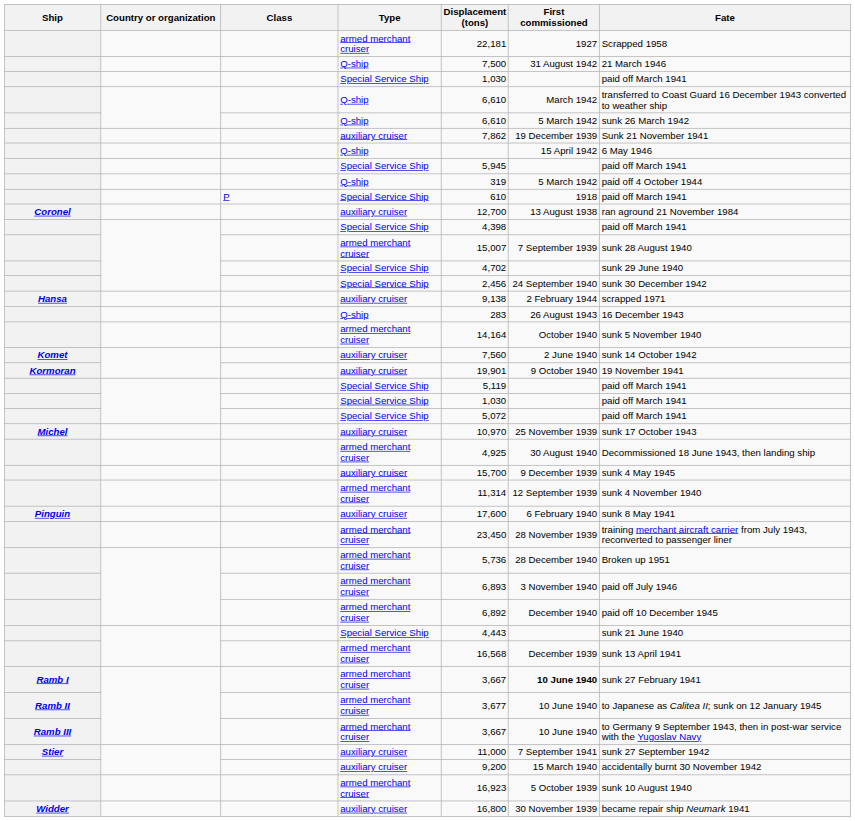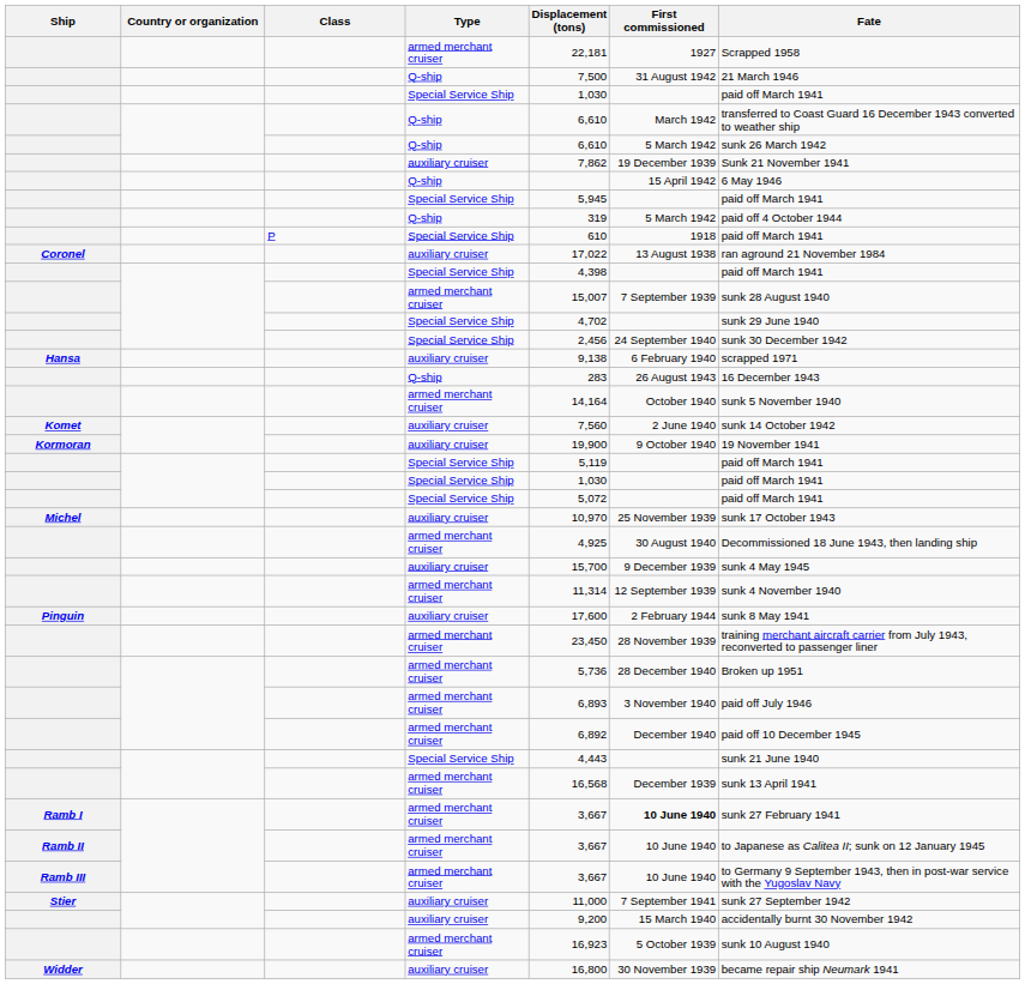 <table class="wikitable sortable plainrowheaders" style="width:100%; font-size: 90%">
 <tr>
 <th scope="col" style="width:12%;">Ship</th>
 <th scope="col" style="width:15%;">Country or organization</th>
 <th scope="col" style="width:15%;">Class</th>
 <th scope="col" style="width:13%;">Type</th>
 <th scope="col" style="width:2%;">Displacement (tons)</th>
 <th scope="col" style="width:11%;">First commissioned</th>
 <th scope="col" style="width:32%;">Fate</th>
 </tr>
 <tr>
 <th scope="row"></th>
 <td></td>
 <td></td>
 <td><a href='#'>armed merchant cruiser</a></td>
 <td style="text-align:right;">22,181</td>
 <td style="text-align:right;">1927</td>
 <td>Scrapped 1958</td>
 </tr>
 <tr>
 <th scope="row"></th>
 <td></td>
 <td></td>
 <td><a href='#'>Q-ship</a></td>
 <td style="text-align:right;">7,500</td>
 <td style="text-align:right;">31 August 1942</td>
 <td>21 March 1946</td>
 </tr>
 <tr>
 <th scope="row"></th>
 <td></td>
 <td></td>
 <td><a href='#'>Special Service Ship</a></td>
 <td style="text-align:right;">1,030</td>
 <td style="text-align:right;"></td>
 <td>paid off March 1941</td>
 </tr>
 <tr>
 <th scope="row"></th>
 <td rowspan="2"></td>
 <td></td>
 <td><a href='#'>Q-ship</a></td>
 <td style="text-align:right;">6,610</td>
 <td style="text-align:right;">March 1942</td>
 <td>transferred to Coast Guard 16 December 1943 converted to weather ship</td>
 </tr>
 <tr>
 <th scope="row"></th>
 <td></td>
 <td><a href='#'>Q-ship</a></td>
 <td style="text-align:right;">6,610</td>
 <td style="text-align:right;">5 March 1942</td>
 <td>sunk 26 March 1942</td>
 </tr>
 <tr>
 <th scope="row"></th>
 <td></td>
 <td></td>
 <td><a href='#'>auxiliary cruiser</a></td>
 <td style="text-align:right;">7,862</td>
 <td style="text-align:right;">19 December 1939</td>
 <td>Sunk 21 November 1941</td>
 </tr>
 <tr>
 <th scope="row"></th>
 <td></td>
 <td></td>
 <td><a href='#'>Q-ship</a></td>
 <td style="text-align:right;"></td>
 <td style="text-align:right;">15 April 1942</td>
 <td>6 May 1946</td>
 </tr>
 <tr>
 <th scope="row"></th>
 <td></td>
 <td></td>
 <td><a href='#'>Special Service Ship</a></td>
 <td style="text-align:right;">5,945</td>
 <td style="text-align:right;"></td>
 <td>paid off March 1941</td>
 </tr>
 <tr>
 <th scope="row"></th>
 <td></td>
 <td></td>
 <td><a href='#'>Q-ship</a></td>
 <td style="text-align:right;">319</td>
 <td style="text-align:right;">5 March 1942</td>
 <td>paid off 4 October 1944</td>
 </tr>
 <tr>
 <th scope="row"></th>
 <td></td>
 <td><a href='#'>P</a></td>
 <td><a href='#'>Special Service Ship</a></td>
 <td style="text-align:right;">610</td>
 <td style="text-align:right;">1918</td>
 <td>paid off March 1941</td>
 </tr>
 <tr>
 <th scope="row"><em><a href='#'>Coronel</a></em></th>
 <td></td>
 <td></td>
 <td><a href='#'>auxiliary cruiser</a></td>
-<td style="text-align:right;">12,700</td>
+<td style="text-align:right;">17,022</td>
 <td style="text-align:right;">13 August 1938</td>
 <td>ran aground 21 November 1984</td>
 </tr>
 <tr>
 <th scope="row"></th>
 <td rowspan="4"></td>
 <td></td>
 <td><a href='#'>Special Service Ship</a></td>
 <td style="text-align:right;">4,398</td>
 <td style="text-align:right;"></td>
 <td>paid off March 1941</td>
 </tr>
 <tr>
 <th scope="row"></th>
 <td></td>
 <td><a href='#'>armed merchant cruiser</a></td>
 <td style="text-align:right;">15,007</td>
 <td style="text-align:right;">7 September 1939</td>
 <td>sunk 28 August 1940</td>
 </tr>
 <tr>
 <th scope="row"></th>
 <td></td>
 <td><a href='#'>Special Service Ship</a></td>
 <td style="text-align:right;">4,702</td>
 <td style="text-align:right;"></td>
 <td>sunk 29 June 1940</td>
 </tr>
 <tr>
 <th scope="row"></th>
 <td></td>
 <td><a href='#'>Special Service Ship</a></td>
 <td style="text-align:right;">2,456</td>
 <td style="text-align:right;">24 September 1940</td>
 <td>sunk 30 December 1942</td>
 </tr>
 <tr>
 <th scope="row"><a href='#'><em>Hansa</em></a></th>
 <td></td>
 <td></td>
 <td><a href='#'>auxiliary cruiser</a></td>
 <td style="text-align:right;">9,138</td>
-<td style="text-align:right;">2 February 1944</td>
+<td style="text-align:right;">6 February 1940</td>
 <td>scrapped 1971</td>
 </tr>
 <tr>
 <th scope="row"></th>
 <td></td>
 <td></td>
 <td><a href='#'>Q-ship</a></td>
 <td style="text-align:right;">283</td>
 <td style="text-align:right;">26 August 1943</td>
 <td>16 December 1943</td>
 </tr>
 <tr>
 <th scope="row"></th>
 <td></td>
 <td></td>
 <td><a href='#'>armed merchant cruiser</a></td>
 <td style="text-align:right;">14,164</td>
 <td style="text-align:right;">October 1940</td>
 <td>sunk 5 November 1940</td>
 </tr>
 <tr>
 <th scope="row"><a href='#'><em>Komet</em></a></th>
 <td rowspan="2"></td>
 <td></td>
 <td><a href='#'>auxiliary cruiser</a></td>
 <td style="text-align:right;">7,560</td>
 <td style="text-align:right;">2 June 1940</td>
 <td>sunk 14 October 1942</td>
 </tr>
 <tr>
 <th scope="row"><em><a href='#'>Kormoran</a></em></th>
 <td></td>
 <td><a href='#'>auxiliary cruiser</a></td>
-<td style="text-align:right;">19,901</td>
+<td style="text-align:right;">19,900</td>
 <td style="text-align:right;">9 October 1940</td>
 <td>19 November 1941</td>
 </tr>
 <tr>
 <th scope="row"></th>
 <td rowspan="3"></td>
 <td></td>
 <td><a href='#'>Special Service Ship</a></td>
 <td style="text-align:right;">5,119</td>
 <td style="text-align:right;"></td>
 <td>paid off March 1941</td>
 </tr>
 <tr>
 <th scope="row"></th>
 <td></td>
 <td><a href='#'>Special Service Ship</a></td>
 <td style="text-align:right;">1,030</td>
 <td style="text-align:right;"></td>
 <td>paid off March 1941</td>
 </tr>
 <tr>
 <th scope="row"></th>
 <td></td>
 <td><a href='#'>Special Service Ship</a></td>
 <td style="text-align:right;">5,072</td>
 <td style="text-align:right;"></td>
 <td>paid off March 1941</td>
 </tr>
 <tr>
 <th scope="row"><em><a href='#'>Michel</a></em></th>
 <td></td>
 <td></td>
 <td><a href='#'>auxiliary cruiser</a></td>
 <td style="text-align:right;">10,970</td>
 <td style="text-align:right;">25 November 1939</td>
 <td>sunk 17 October 1943</td>
 </tr>
 <tr>
 <th scope="row"></th>
 <td></td>
 <td></td>
 <td><a href='#'>armed merchant cruiser</a></td>
 <td style="text-align:right;">4,925</td>
 <td style="text-align:right;">30 August 1940</td>
 <td>Decommissioned 18 June 1943, then landing ship</td>
 </tr>
 <tr>
 <th scope="row"></th>
 <td></td>
 <td></td>
 <td><a href='#'>auxiliary cruiser</a></td>
 <td style="text-align:right;">15,700</td>
 <td style="text-align:right;">9 December 1939</td>
 <td>sunk 4 May 1945</td>
 </tr>
 <tr>
 <th scope="row"></th>
 <td></td>
 <td></td>
 <td><a href='#'>armed merchant cruiser</a></td>
 <td style="text-align:right;">11,314</td>
 <td style="text-align:right;">12 September 1939</td>
 <td>sunk 4 November 1940</td>
 </tr>
 <tr>
 <th scope="row"><a href='#'><em>Pinguin</em></a></th>
 <td></td>
 <td></td>
 <td><a href='#'>auxiliary cruiser</a></td>
 <td style="text-align:right;">17,600</td>
-<td style="text-align:right;">6 February 1940</td>
+<td style="text-align:right;">2 February 1944</td>
 <td>sunk 8 May 1941</td>
 </tr>
 <tr>
 <th scope="row"></th>
 <td></td>
 <td></td>
 <td><a href='#'>armed merchant cruiser</a></td>
 <td style="text-align:right;">23,450</td>
 <td style="text-align:right;">28 November 1939</td>
 <td>training <a href='#'>merchant aircraft carrier</a> from July 1943, reconverted to passenger liner</td>
 </tr>
 <tr>
 <th scope="row"></th>
 <td rowspan="3"></td>
 <td></td>
 <td><a href='#'>armed merchant cruiser</a></td>
 <td style="text-align:right;">5,736</td>
 <td style="text-align:right;">28 December 1940</td>
 <td>Broken up 1951</td>
 </tr>
 <tr>
 <th scope="row"></th>
 <td></td>
 <td><a href='#'>armed merchant cruiser</a></td>
 <td style="text-align:right;">6,893</td>
 <td style="text-align:right;">3 November 1940</td>
 <td>paid off July 1946</td>
 </tr>
 <tr>
 <th scope="row"></th>
 <td></td>
 <td><a href='#'>armed merchant cruiser</a></td>
 <td style="text-align:right;">6,892</td>
 <td style="text-align:right;">December 1940</td>
 <td>paid off 10 December 1945</td>
 </tr>
 <tr>
 <th scope="row"></th>
 <td rowspan="2"></td>
 <td></td>
 <td><a href='#'>Special Service Ship</a></td>
 <td style="text-align:right;">4,443</td>
 <td style="text-align:right;"></td>
 <td>sunk 21 June 1940</td>
 </tr>
 <tr>
 <th scope="row"></th>
 <td></td>
 <td><a href='#'>armed merchant cruiser</a></td>
 <td style="text-align:right;">16,568</td>
 <td style="text-align:right;">December 1939</td>
 <td>sunk 13 April 1941</td>
 </tr>
 <tr>
 <th scope="row"><em><a href='#'>Ramb I</a></em></th>
 <td rowspan="3"></td>
 <td></td>
 <td><a href='#'>armed merchant cruiser</a></td>
 <td style="text-align:right;">3,667</td>
 <td style="text-align:right;"><strong>10 June 1940</strong></td>
 <td>sunk 27 February 1941</td>
 </tr>
 <tr>
 <th scope="row"><em><a href='#'>Ramb II</a></em></th>
 <td></td>
 <td><a href='#'>armed merchant cruiser</a></td>
-<td style="text-align:right;">3,677</td>
+<td style="text-align:right;">3,667</td>
 <td style="text-align:right;">10 June 1940</td>
 <td>to Japanese as <em>Calitea II</em>; sunk on 12 January 1945</td>
 </tr>
 <tr>
 <th scope="row"><em><a href='#'>Ramb III</a></em></th>
 <td></td>
 <td><a href='#'>armed merchant cruiser</a></td>
 <td style="text-align:right;">3,667</td>
 <td style="text-align:right;">10 June 1940</td>
 <td>to Germany 9 September 1943, then in post-war service with the <a href='#'>Yugoslav Navy</a></td>
 </tr>
 <tr>
 <th scope="row"><a href='#'><em>Stier</em></a></th>
 <td rowspan="2"></td>
 <td></td>
 <td><a href='#'>auxiliary cruiser</a></td>
 <td style="text-align:right;">11,000</td>
 <td style="text-align:right;">7 September 1941</td>
 <td>sunk 27 September 1942</td>
 </tr>
 <tr>
 <th scope="row"></th>
 <td></td>
 <td><a href='#'>auxiliary cruiser</a></td>
 <td style="text-align:right;">9,200</td>
 <td style="text-align:right;">15 March 1940</td>
 <td>accidentally burnt 30 November 1942</td>
 </tr>
 <tr>
 <th scope="row"></th>
 <td></td>
 <td></td>
 <td><a href='#'>armed merchant cruiser</a></td>
 <td style="text-align:right;">16,923</td>
 <td style="text-align:right;">5 October 1939</td>
 <td>sunk 10 August 1940</td>
 </tr>
 <tr>
 <th scope="row"><a href='#'><em>Widder</em></a></th>
 <td></td>
 <td></td>
 <td><a href='#'>auxiliary cruiser</a></td>
 <td style="text-align:right;">16,800</td>
 <td style="text-align:right;">30 November 1939</td>
 <td>became repair ship <em>Neumark</em> 1941</td>
 </tr>
 </table>
